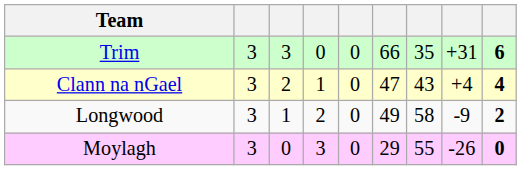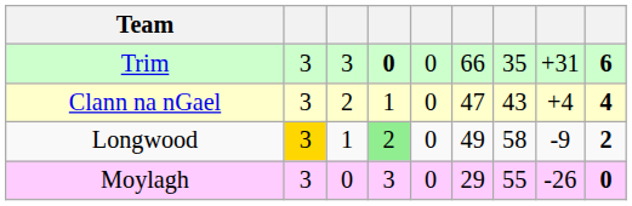 <table class="wikitable" style="text-align:center">
 <tr>
 <th style="width:175px;">Team</th>
 <th width="20"></th>
 <th width="20"></th>
 <th width="20"></th>
 <th width="20"></th>
 <th width="20"></th>
 <th width="20"></th>
 <th width="20"></th>
 <th width="20"></th>
 </tr>
 <tr style="background:#cfc;">
 <td><a href='#'>Trim</a></td>
 <td>3</td>
 <td>3</td>
-<td>0</td>
+<td><strong>0</strong></td>
 <td>0</td>
 <td>66</td>
 <td>35</td>
 <td>+31</td>
 <td><strong>6</strong></td>
 </tr>
 <tr style="background:#ffffcc;">
 <td><a href='#'>Clann na nGael</a></td>
 <td>3</td>
 <td>2</td>
 <td>1</td>
 <td>0</td>
 <td>47</td>
 <td>43</td>
 <td>+4</td>
 <td><strong>4</strong></td>
 </tr>
 <tr>
 <td>Longwood</td>
-<td>3</td>
+<td style="background: gold;">3</td>
 <td>1</td>
-<td>2</td>
+<td style="background: lightgreen;">2</td>
 <td>0</td>
 <td>49</td>
 <td>58</td>
 <td>-9</td>
 <td><strong>2</strong></td>
 </tr>
 <tr style="background:#fcf;">
 <td>Moylagh</td>
 <td>3</td>
 <td>0</td>
 <td>3</td>
 <td>0</td>
 <td>29</td>
 <td>55</td>
 <td>-26</td>
 <td><strong>0</strong></td>
 </tr>
 </table>
